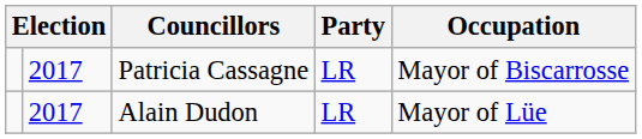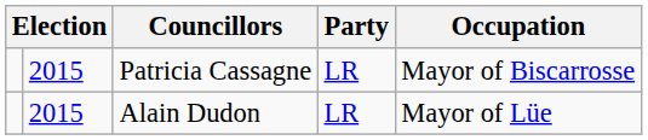 <table class="wikitable">
 <tr>
 <th colspan="2">Election</th>
 <th>Councillors</th>
 <th>Party</th>
 <th>Occupation</th>
 </tr>
 <tr>
 <td style="background-color: "></td>
-<td><a href='#'>2017</a></td>
+<td><a href='#'>2015</a></td>
 <td>Patricia Cassagne</td>
 <td><a href='#'>LR</a></td>
 <td>Mayor of <a href='#'>Biscarrosse</a></td>
 </tr>
 <tr>
 <td style="background-color: "></td>
-<td><a href='#'>2017</a></td>
+<td><a href='#'>2015</a></td>
 <td>Alain Dudon</td>
 <td><a href='#'>LR</a></td>
 <td>Mayor of <a href='#'>Lüe</a></td>
 </tr>
 </table>
